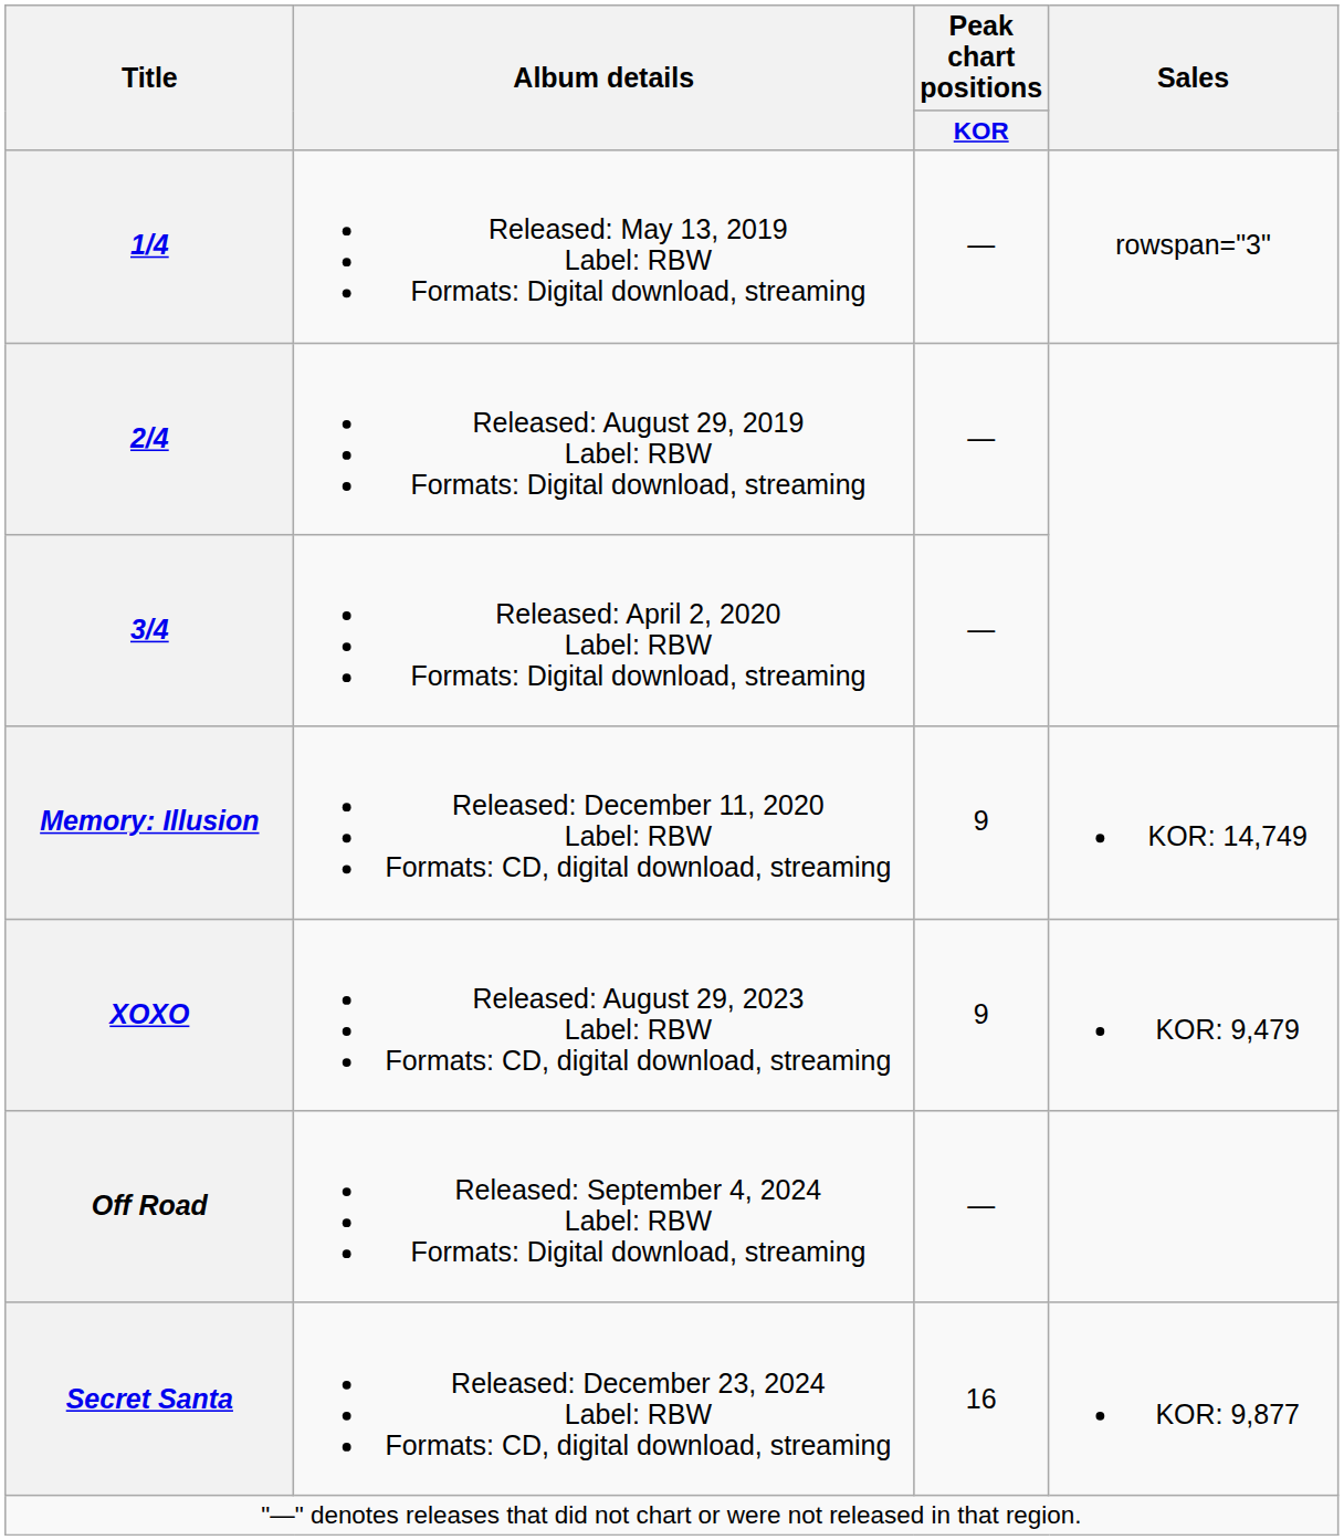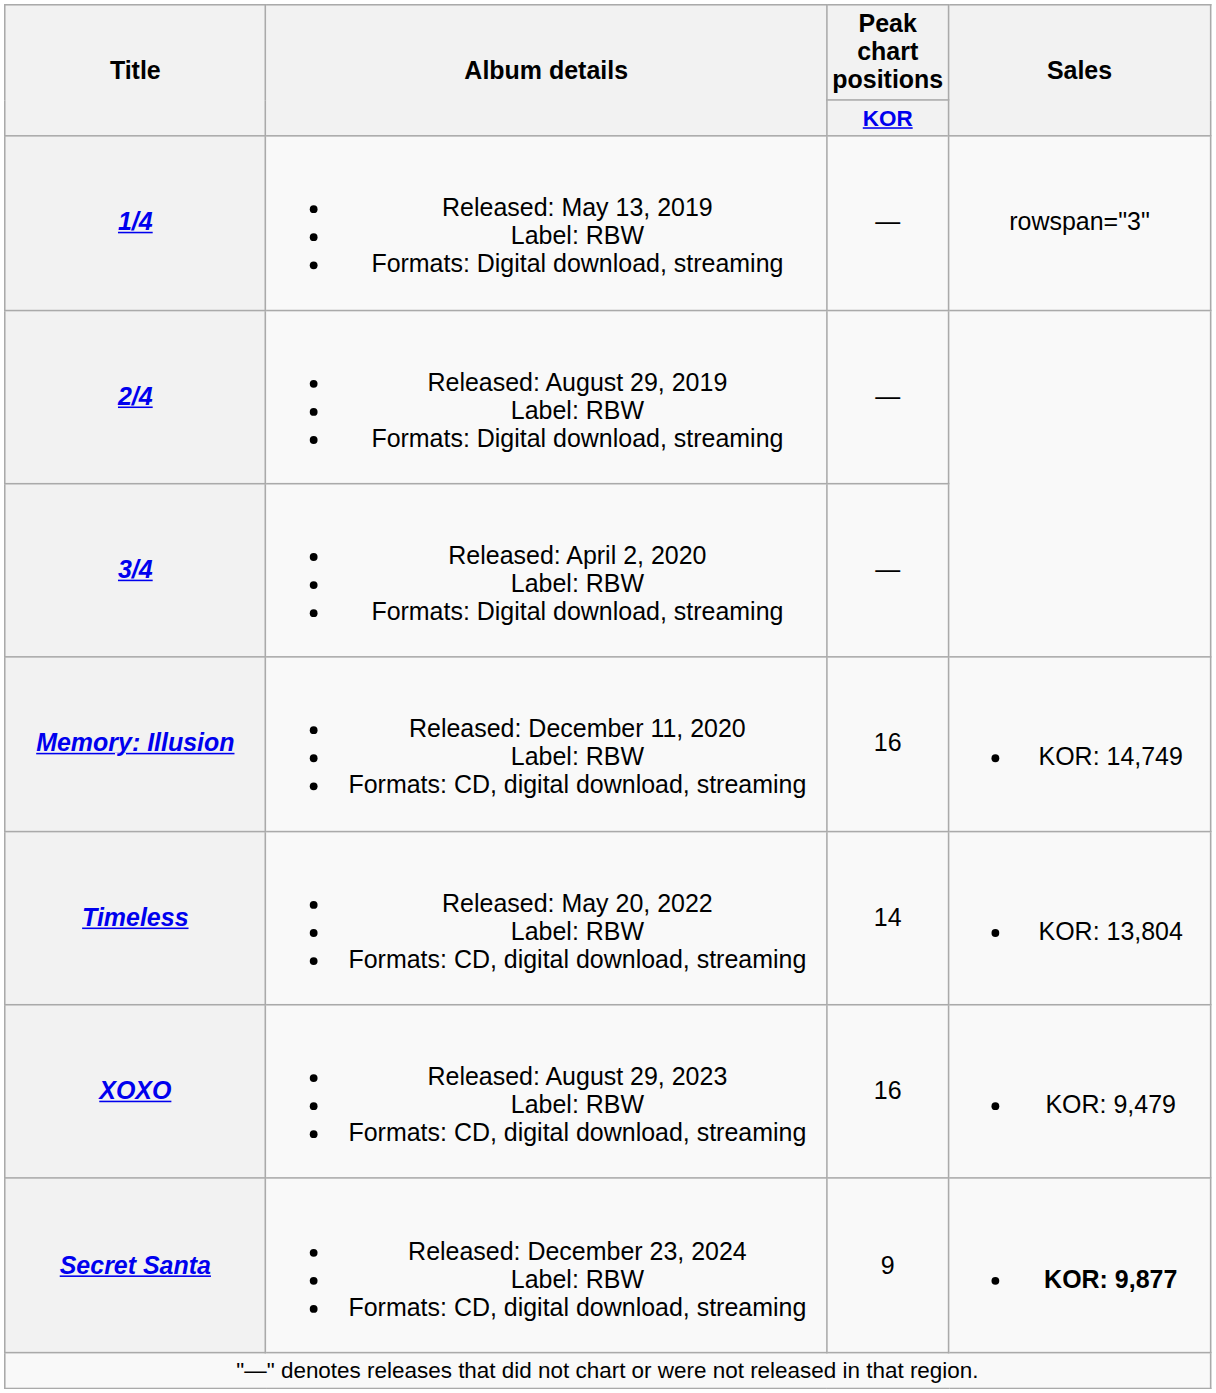 <table class="wikitable plainrowheaders" style="text-align:center;">
 <tr>
 <th scope="col" rowspan="2" style="width:10em;">Title</th>
 <th scope="col" rowspan="2" style="width:22em;">Album details</th>
 <th scope="col" colspan="1">Peak chart positions</th>
 <th scope="col" rowspan="2" style="width:10em;">Sales</th>
 </tr>
 <tr>
 <th scope="col" style="width:3em;font-size:90%;"><a href='#'>KOR</a><br></th>
 </tr>
 <tr>
 <th scope=row><em><a href='#'>1/4</a></em></th>
 <td><br><ul><li>Released: May 13, 2019</li><li>Label: RBW</li><li>Formats: Digital download, streaming</li></ul></td>
 <td>—</td>
 <td>rowspan="3" </td>
 </tr>
 <tr>
 <th scope=row><a href='#'><em>2/4</em></a></th>
 <td><br><ul><li>Released: August 29, 2019</li><li>Label: RBW</li><li>Formats: Digital download, streaming</li></ul></td>
 <td>—</td>
 </tr>
 <tr>
 <th scope=row><em><a href='#'>3/4</a></em></th>
 <td><br><ul><li>Released: April 2, 2020</li><li>Label: RBW</li><li>Formats: Digital download, streaming</li></ul></td>
 <td>—</td>
 </tr>
 <tr>
 <th scope=row><em><a href='#'>Memory: Illusion</a></em></th>
 <td><br><ul><li>Released: December 11, 2020</li><li>Label: RBW</li><li>Formats: CD, digital download, streaming</li></ul></td>
-<td>9</td>
+<td>16</td>
 <td><br><ul><li>KOR: 14,749</li></ul></td>
+</tr>
+<tr>
+<th scope=row><em><a href='#'>Timeless</a></em></th>
+<td><br><ul><li>Released: May 20, 2022</li><li>Label: RBW</li><li>Formats: CD, digital download, streaming</li></ul></td>
+<td>14</td>
+<td><br><ul><li>KOR: 13,804</li></ul></td>
 </tr>
 <tr>
 <th scope=row><em><a href='#'>XOXO</a></em></th>
 <td><br><ul><li>Released: August 29, 2023</li><li>Label: RBW</li><li>Formats: CD, digital download, streaming</li></ul></td>
-<td>9</td>
+<td>16</td>
 <td><br><ul><li>KOR: 9,479</li></ul></td>
-</tr>
-<tr>
-<th scope=row><em>Off Road</em></th>
-<td><br><ul><li>Released: September 4, 2024</li><li>Label: RBW</li><li>Formats: Digital download, streaming</li></ul></td>
-<td>—</td>
-<td></td>
 </tr>
 <tr>
 <th scope=row><em><a href='#'>Secret Santa</a></em></th>
 <td><br><ul><li>Released: December 23, 2024</li><li>Label: RBW</li><li>Formats: CD, digital download, streaming</li></ul></td>
-<td>16</td>
-<td><br><ul><li>KOR: 9,877</li></ul></td>
+<td>9</td>
+<td><strong><br><ul><li>KOR: 9,877</li></ul></strong></td>
 </tr>
 <tr>
 <td colspan="4" style="font-size:90%">"—" denotes releases that did not chart or were not released in that region.</td>
 </tr>
 </table>
